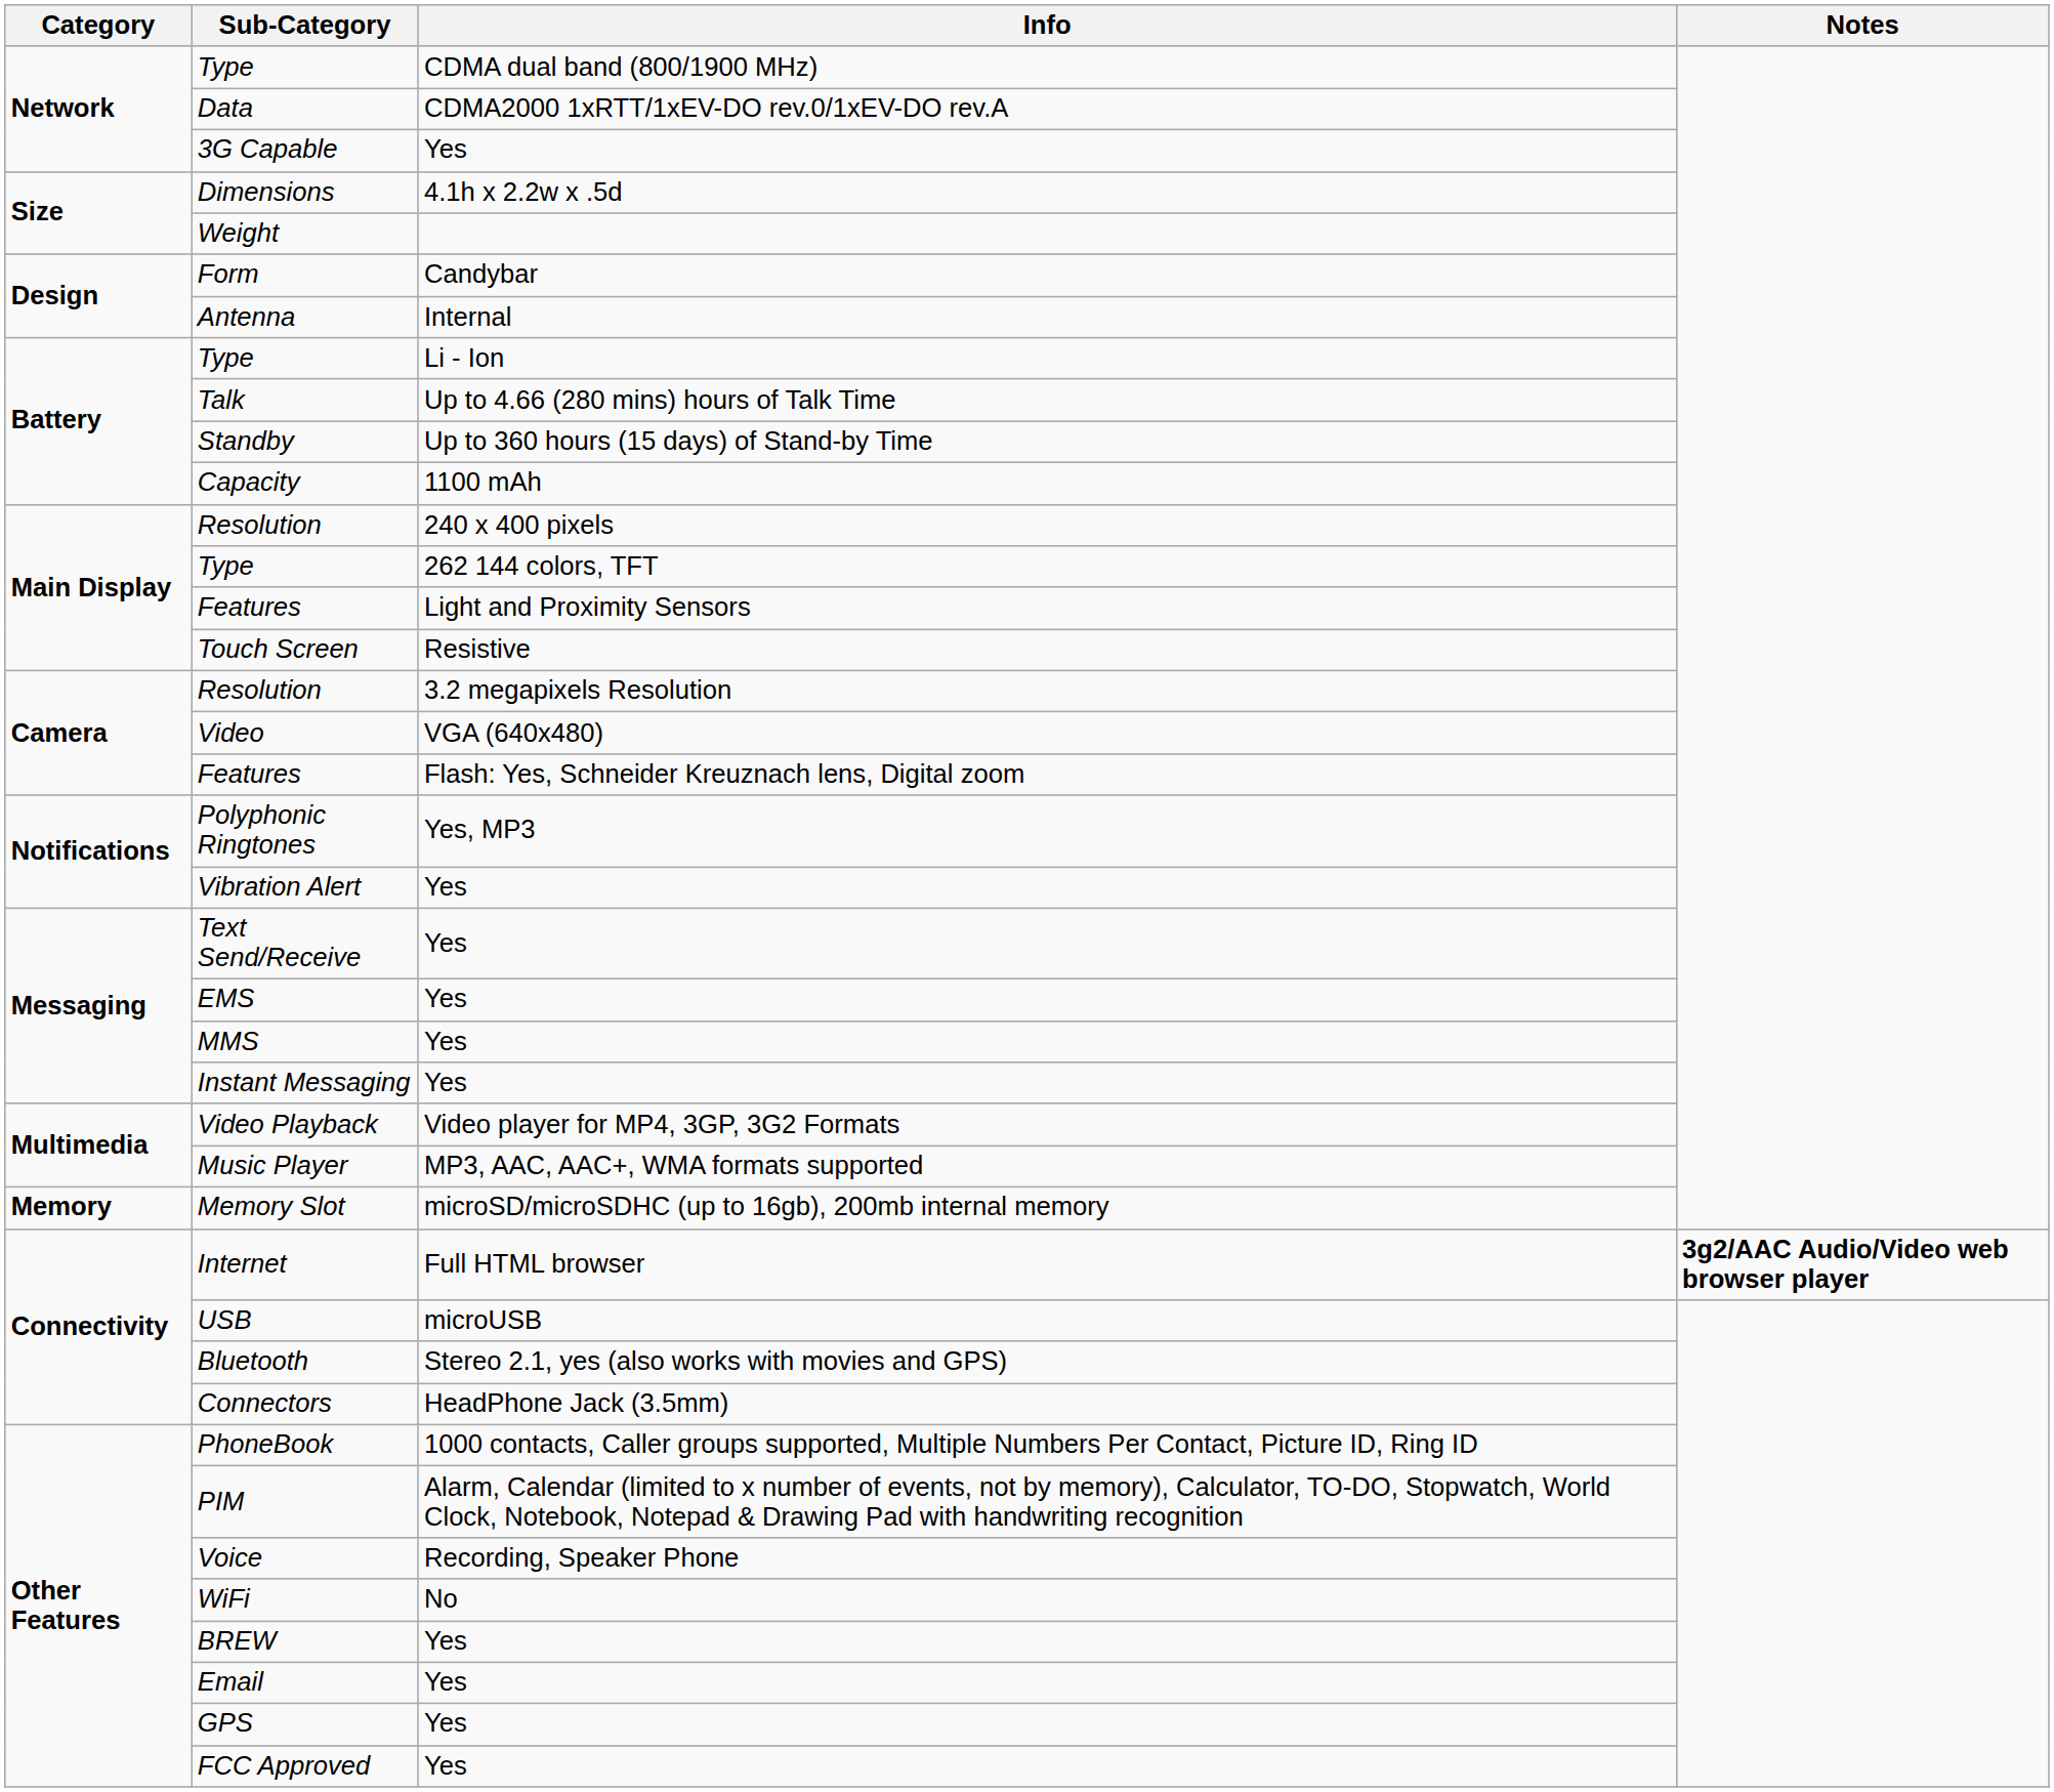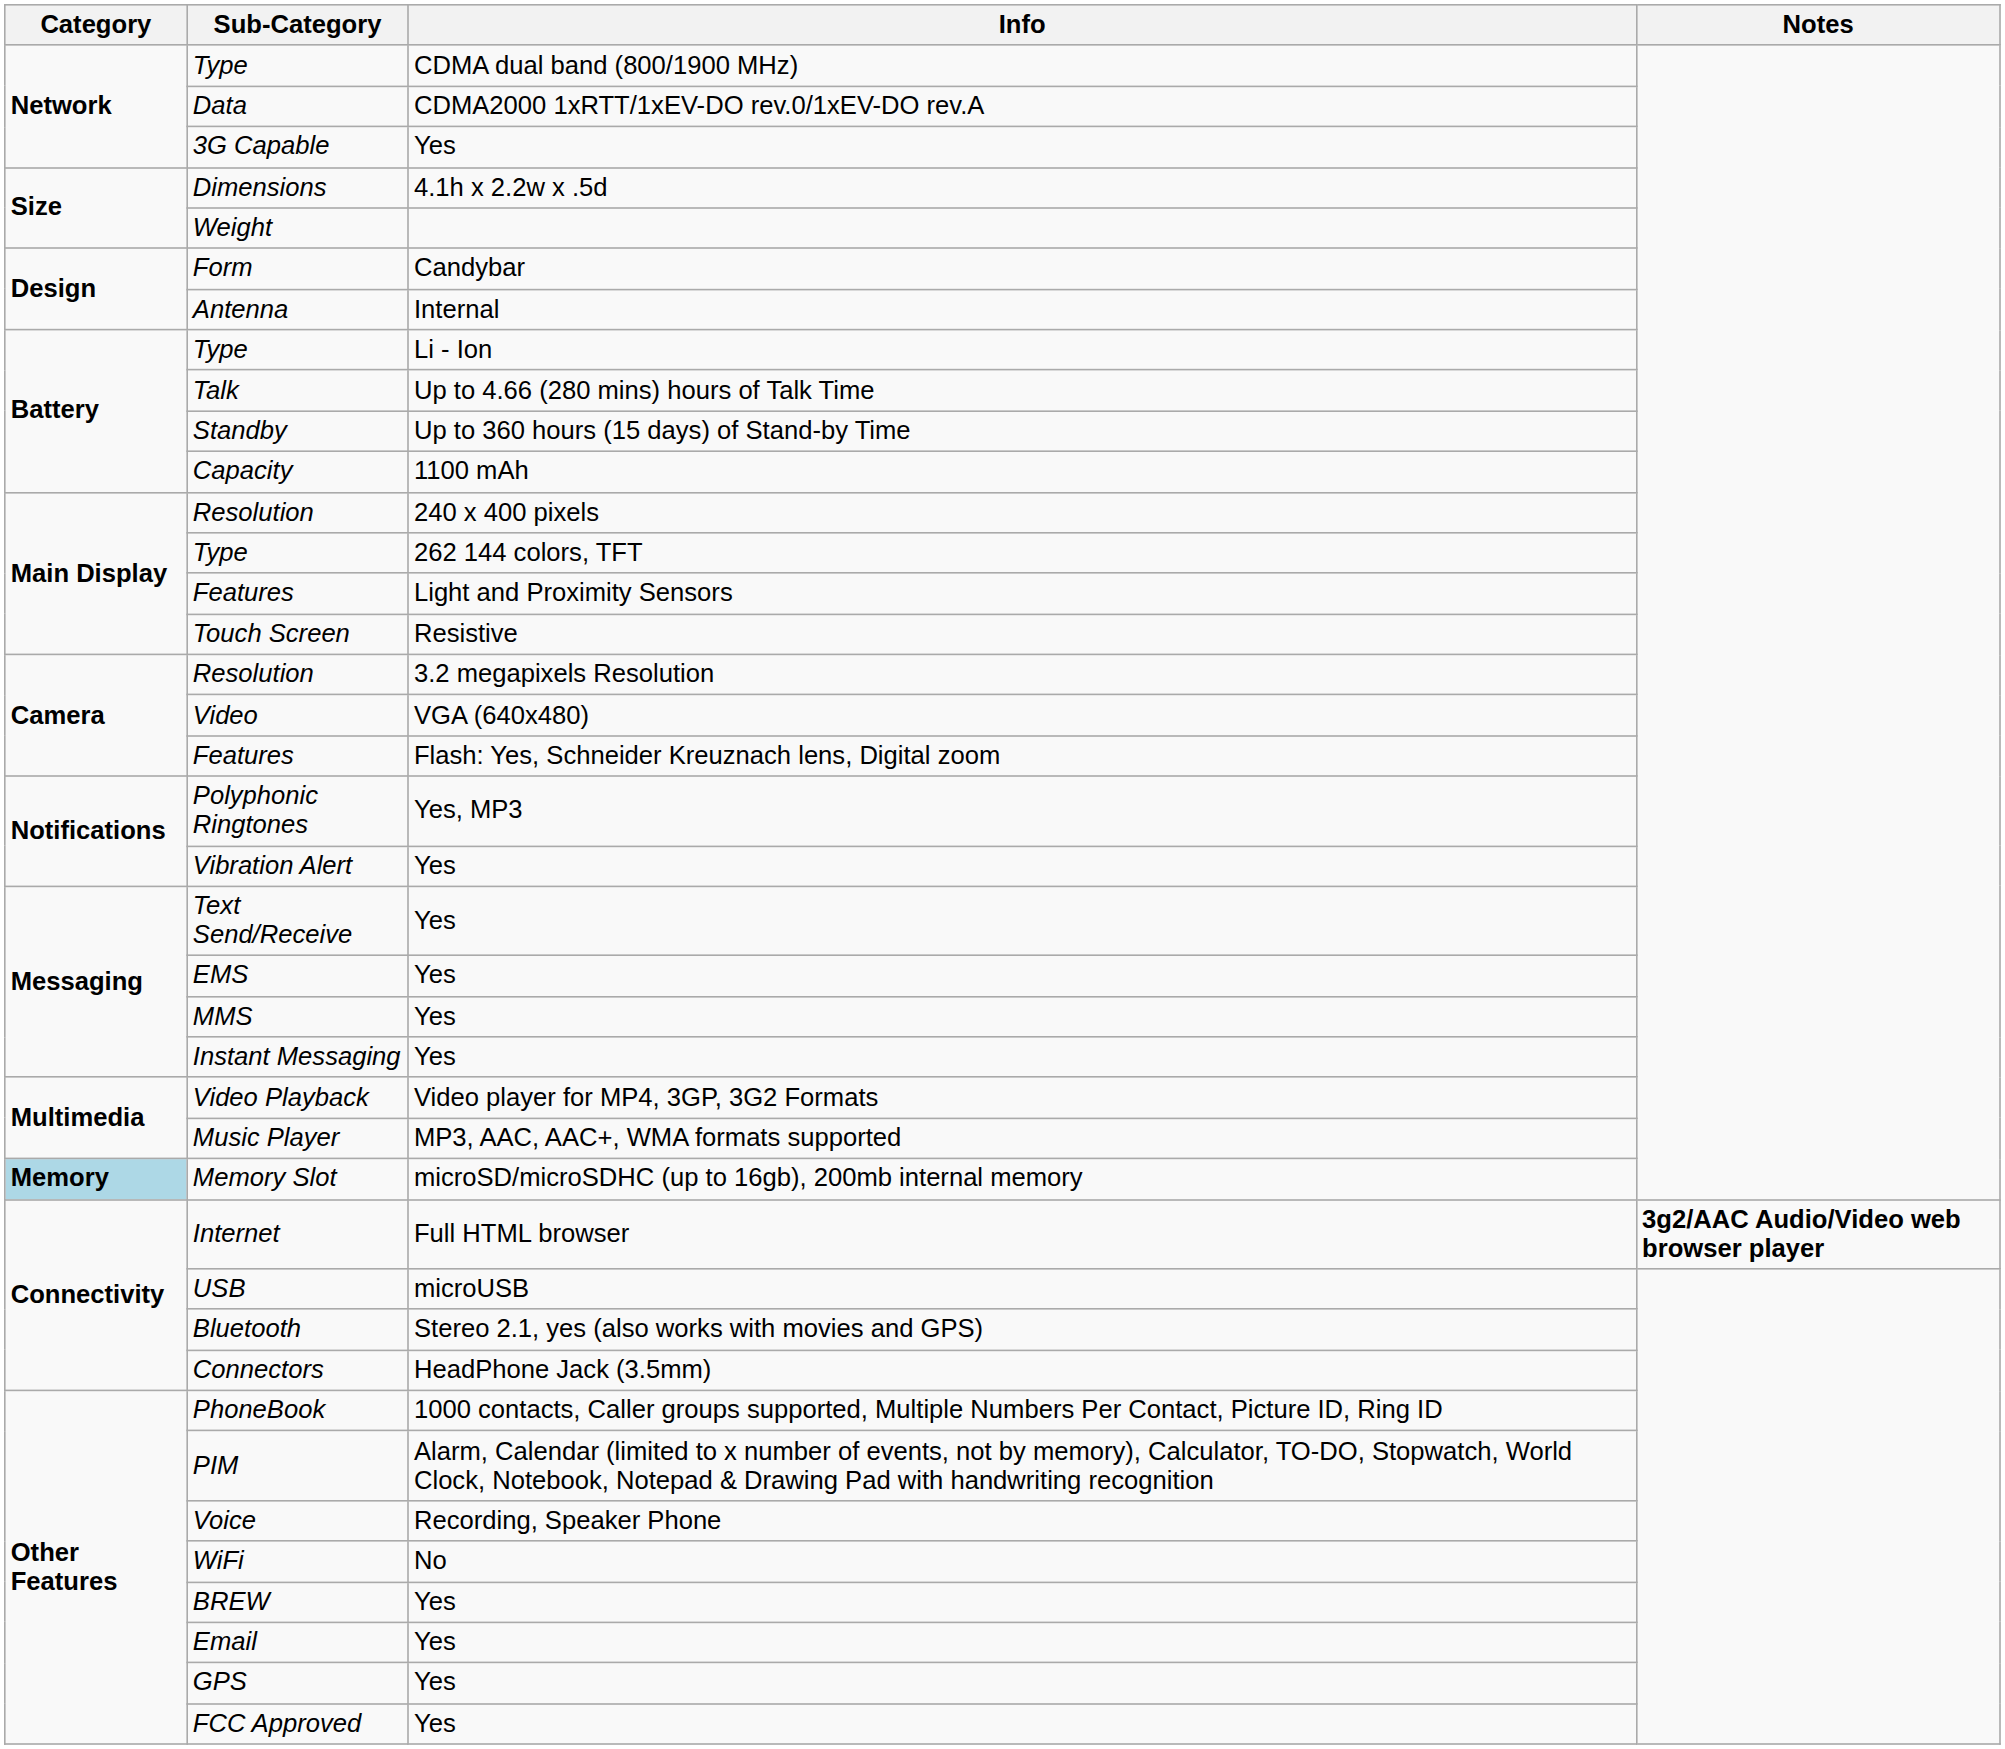 <table class="wikitable">
 <tr>
 <th>Category</th>
 <th>Sub-Category</th>
 <th>Info</th>
 <th>Notes</th>
 </tr>
 <tr>
 <td rowspan="3"><strong>Network</strong></td>
 <td><em>Type</em></td>
 <td>CDMA dual band (800/1900 MHz)</td>
 </tr>
 <tr>
 <td><em>Data</em></td>
 <td>CDMA2000 1xRTT/1xEV-DO rev.0/1xEV-DO rev.A</td>
 </tr>
 <tr>
 <td><em>3G Capable</em></td>
 <td>Yes</td>
 </tr>
 <tr>
 <td rowspan="2"><strong>Size</strong></td>
 <td><em>Dimensions</em></td>
 <td>4.1h x 2.2w x .5d</td>
 </tr>
 <tr>
 <td><em>Weight</em></td>
 <td></td>
 </tr>
 <tr>
 <td rowspan="2"><strong>Design</strong></td>
 <td><em>Form</em></td>
 <td>Candybar</td>
 </tr>
 <tr>
 <td><em>Antenna</em></td>
 <td>Internal</td>
 </tr>
 <tr>
 <td rowspan="4"><strong>Battery</strong></td>
 <td><em>Type</em></td>
 <td>Li - Ion</td>
 </tr>
 <tr>
 <td><em>Talk</em></td>
 <td>Up to 4.66 (280 mins) hours of Talk Time</td>
 </tr>
 <tr>
 <td><em>Standby</em></td>
 <td>Up to 360 hours (15 days) of Stand-by Time</td>
 </tr>
 <tr>
 <td><em>Capacity</em></td>
 <td>1100 mAh</td>
 </tr>
 <tr>
 <td rowspan="4"><strong>Main Display</strong></td>
 <td><em>Resolution</em></td>
 <td>240 x 400 pixels</td>
 </tr>
 <tr>
 <td><em>Type</em></td>
 <td>262 144 colors, TFT</td>
 </tr>
 <tr>
 <td><em>Features</em></td>
 <td>Light and Proximity Sensors</td>
 </tr>
 <tr>
 <td><em>Touch Screen</em></td>
 <td>Resistive</td>
 </tr>
 <tr>
 <td rowspan="3"><strong>Camera</strong></td>
 <td><em>Resolution</em></td>
 <td>3.2 megapixels Resolution</td>
 </tr>
 <tr>
 <td><em>Video</em></td>
 <td>VGA (640x480)</td>
 </tr>
 <tr>
 <td><em>Features</em></td>
 <td>Flash: Yes, Schneider Kreuznach lens, Digital zoom</td>
 </tr>
 <tr>
 <td rowspan="2"><strong>Notifications</strong></td>
 <td><em>Polyphonic Ringtones</em></td>
 <td>Yes, MP3</td>
 </tr>
 <tr>
 <td><em>Vibration Alert</em></td>
 <td>Yes</td>
 </tr>
 <tr>
 <td rowspan="4"><strong>Messaging</strong></td>
 <td><em>Text Send/Receive</em></td>
 <td>Yes</td>
 </tr>
 <tr>
 <td><em>EMS</em></td>
 <td>Yes</td>
 </tr>
 <tr>
 <td><em>MMS</em></td>
 <td>Yes</td>
 </tr>
 <tr>
 <td><em>Instant Messaging</em></td>
 <td>Yes</td>
 </tr>
 <tr>
 <td rowspan="2"><strong>Multimedia</strong></td>
 <td><em>Video Playback</em></td>
 <td>Video player for MP4, 3GP, 3G2 Formats</td>
 </tr>
 <tr>
 <td><em>Music Player</em></td>
 <td>MP3, AAC, AAC+, WMA formats supported</td>
 </tr>
 <tr>
-<td><strong>Memory</strong></td>
+<td style="background: lightblue;"><strong>Memory</strong></td>
 <td><em>Memory Slot</em></td>
 <td>microSD/microSDHC (up to 16gb), 200mb internal memory</td>
 </tr>
 <tr>
 <td rowspan="4"><strong>Connectivity</strong></td>
 <td><em>Internet</em></td>
 <td>Full HTML browser</td>
 <td><strong>3g2/AAC Audio/Video web browser player</strong></td>
 </tr>
 <tr>
 <td><em>USB</em></td>
 <td>microUSB</td>
 </tr>
 <tr>
 <td><em>Bluetooth</em></td>
 <td>Stereo 2.1, yes (also works with movies and GPS)</td>
 </tr>
 <tr>
 <td><em>Connectors</em></td>
 <td>HeadPhone Jack (3.5mm)</td>
 </tr>
 <tr>
 <td rowspan="8"><strong>Other Features</strong></td>
 <td><em>PhoneBook</em></td>
 <td>1000 contacts, Caller groups supported, Multiple Numbers Per Contact, Picture ID, Ring ID</td>
 </tr>
 <tr>
 <td><em>PIM</em></td>
 <td>Alarm, Calendar (limited to x number of events, not by memory), Calculator, TO-DO, Stopwatch, World Clock, Notebook, Notepad & Drawing Pad with handwriting recognition</td>
 </tr>
 <tr>
 <td><em>Voice</em></td>
 <td>Recording, Speaker Phone</td>
 </tr>
 <tr>
 <td><em>WiFi</em></td>
 <td>No</td>
 </tr>
 <tr>
 <td><em>BREW</em></td>
 <td>Yes</td>
 </tr>
 <tr>
 <td><em>Email</em></td>
 <td>Yes</td>
 </tr>
 <tr>
 <td><em>GPS</em></td>
 <td>Yes</td>
 </tr>
 <tr>
 <td><em>FCC Approved</em></td>
 <td>Yes</td>
 </tr>
 </table>
